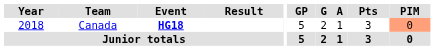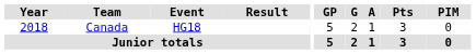 <table border="0" cellpadding="1" cellspacing="0" ID="Table3" style="text-align:center; width:40em;">
 <tr bgcolor="#e0e0e0">
 <th>Year</th>
 <th>Team</th>
 <th>Event</th>
 <th>Result</th>
 <th rowspan="101" bgcolor="#ffffff"></th>
 <th>GP</th>
 <th>G</th>
 <th>A</th>
 <th>Pts</th>
 <th>PIM</th>
 </tr>
 <tr>
 <td><a href='#'>2018</a></td>
 <td><a href='#'>Canada</a></td>
-<td><strong><a href='#'>HG18</a></strong></td>
+<td><a href='#'>HG18</a></td>
 <td></td>
 <td>5</td>
 <td>2</td>
 <td>1</td>
 <td>3</td>
-<td style="background: lightsalmon;">0</td>
+<td>0</td>
 </tr>
 <tr bgcolor="#e0e0e0">
 <th colspan="4">Junior totals</th>
 <th>5</th>
 <th>2</th>
 <th>1</th>
 <th>3</th>
 <th>0</th>
 </tr>
 </table>
